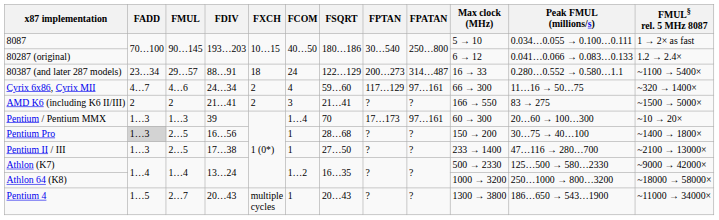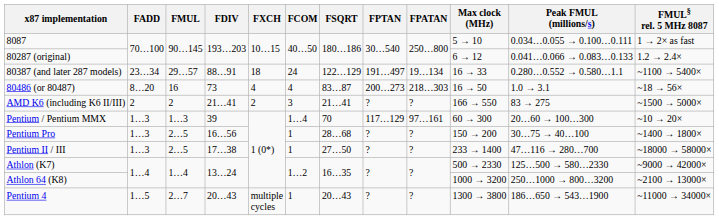 <table class="wikitable">
 <tr>
 <th>x87 implementation</th>
 <th>FADD</th>
 <th>FMUL</th>
 <th>FDIV</th>
 <th>FXCH</th>
 <th>FCOM</th>
 <th>FSQRT</th>
 <th>FPTAN</th>
 <th>FPATAN</th>
 <th>Max clock<br>(MHz)</th>
 <th>Peak FMUL<br>(millions/<a href='#'>s</a>)</th>
 <th>FMUL<sup>§</sup><br>rel. 5 MHz 8087</th>
 </tr>
 <tr>
 <td>8087</td>
 <td rowspan="2">70…100</td>
 <td rowspan="2">90…145</td>
 <td rowspan="2">193…203</td>
 <td rowspan="2">10…15</td>
 <td rowspan="2">40…50</td>
 <td rowspan="2">180…186</td>
 <td rowspan="2">30…540</td>
 <td rowspan="2">250…800</td>
 <td>5 → 10</td>
 <td>0.034…0.055 → 0.100…0.111</td>
 <td>1 → 2× as fast</td>
 </tr>
 <tr>
 <td>80287 (original)</td>
 <td>6 → 12</td>
 <td>0.041…0.066 → 0.083…0.133</td>
 <td>1.2 → 2.4×</td>
 </tr>
 <tr>
 <td>80387 (and later 287 models)</td>
 <td>23…34</td>
 <td>29…57</td>
 <td>88…91</td>
 <td>18</td>
 <td>24</td>
 <td>122…129</td>
-<td>200…273</td>
-<td>314…487</td>
+<td>191…497</td>
+<td>19…134</td>
 <td>16 → 33</td>
 <td>0.280…0.552 → 0.580…1.1</td>
 <td>~1100 → 5400×</td>
 </tr>
 <tr>
-<td><a href='#'>Cyrix 6x86</a>, <a href='#'>Cyrix MII</a></td>
-<td>4…7</td>
-<td>4…6</td>
-<td>24…34</td>
-<td>2</td>
+<td><a href='#'>80486</a> (or 80487)</td>
+<td>8…20</td>
+<td>16</td>
+<td>73</td>
 <td>4</td>
-<td>59…60</td>
-<td>117…129</td>
-<td>97…161</td>
-<td>66 → 300</td>
-<td>11…16 → 50…75</td>
-<td>~320 → 1400×</td>
+<td>4</td>
+<td>83…87</td>
+<td>200…273</td>
+<td>218…303</td>
+<td>16 → 50</td>
+<td>1.0 → 3.1</td>
+<td>~18 → 56×</td>
 </tr>
 <tr>
 <td><a href='#'>AMD K6</a> (including K6 II/III)</td>
 <td>2</td>
 <td>2</td>
 <td>21…41</td>
 <td>2</td>
 <td>3</td>
 <td>21…41</td>
 <td>?</td>
 <td>?</td>
 <td>166 → 550</td>
 <td>83 → 275</td>
 <td>~1500 → 5000×</td>
 </tr>
 <tr>
 <td><a href='#'>Pentium</a> / Pentium MMX</td>
 <td>1…3</td>
 <td>1…3</td>
 <td>39</td>
 <td rowspan="5">1 (0*)</td>
 <td>1…4</td>
 <td>70</td>
-<td>17…173</td>
+<td>117…129</td>
 <td>97…161</td>
 <td>60 → 300</td>
 <td>20…60 → 100…300</td>
 <td>~10 → 20×</td>
 </tr>
 <tr>
 <td><a href='#'>Pentium Pro</a></td>
-<td style="background: lightgrey;">1…3</td>
+<td>1…3</td>
 <td>2…5</td>
 <td>16…56</td>
 <td>1</td>
 <td>28…68</td>
 <td>?</td>
 <td>?</td>
 <td>150 → 200</td>
 <td>30…75 → 40…100</td>
 <td>~1400 → 1800×</td>
 </tr>
 <tr>
 <td><a href='#'>Pentium II</a> / III</td>
 <td>1…3</td>
 <td>2…5</td>
 <td>17…38</td>
 <td>1</td>
 <td>27…50</td>
 <td>?</td>
 <td>?</td>
 <td>233 → 1400</td>
 <td>47…116 → 280…700</td>
-<td>~2100 → 13000×</td>
+<td>~18000 → 58000×</td>
 </tr>
 <tr>
 <td><a href='#'>Athlon</a> (K7)</td>
 <td rowspan="2">1…4</td>
 <td rowspan="2">1…4</td>
 <td rowspan="2">13…24</td>
 <td rowspan="2">1…2</td>
 <td rowspan="2">16…35</td>
 <td rowspan="2">?</td>
 <td rowspan="2">?</td>
 <td>500 → 2330</td>
 <td>125…500 → 580…2330</td>
 <td>~9000 → 42000×</td>
 </tr>
 <tr>
 <td><a href='#'>Athlon 64</a> (K8)</td>
 <td>1000 → 3200</td>
 <td>250…1000 → 800…3200</td>
-<td>~18000 → 58000×</td>
+<td>~2100 → 13000×</td>
 </tr>
 <tr style="vertical-align:top;">
 <td><a href='#'>Pentium 4</a></td>
 <td>1…5</td>
 <td>2…7</td>
 <td>20…43</td>
 <td>multiple<br>cycles</td>
 <td>1</td>
 <td>20…43</td>
 <td>?</td>
 <td>?</td>
 <td>1300 → 3800</td>
 <td>186…650 → 543…1900</td>
 <td>~11000 → 34000×</td>
 </tr>
 </table>
